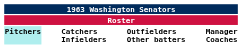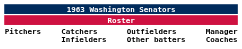 <table class="toccolours" style="font-size: 95%;">
 <tr>
 <th colspan="10" style="background-color: #002B5C; color: #FFFFFF; text-align: center;">1963 Washington Senators</th>
 </tr>
 <tr>
 <td colspan="10" style="background-color: #CE1141; color: #FFFFFF; text-align: center;"><strong>Roster</strong></td>
 </tr>
 <tr>
-<td valign="top" style="background: paleturquoise;"><strong>Pitchers</strong><br>                   </td>
+<td valign="top"><strong>Pitchers</strong><br>                   </td>
 <td width="25px"></td>
 <td valign="top"><strong>Catchers</strong><br>     <strong>Infielders</strong>         </td>
 <td width="25px"></td>
 <td valign="top"><strong>Outfielders</strong><br>       <strong>Other batters</strong>  </td>
 <td width="25px"></td>
 <td valign="top"><strong>Manager</strong><br>  <strong>Coaches</strong>     </td>
 </tr>
 <tr>
 </tr>
 </table>
